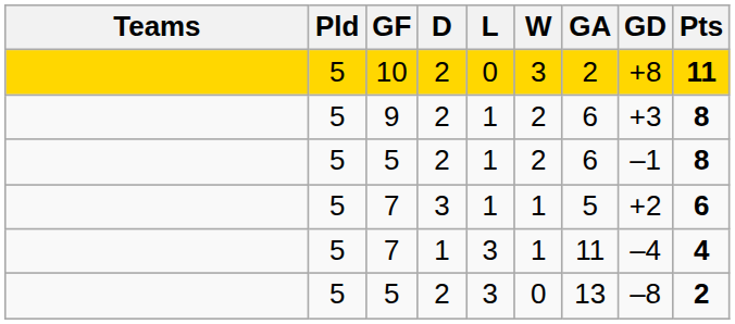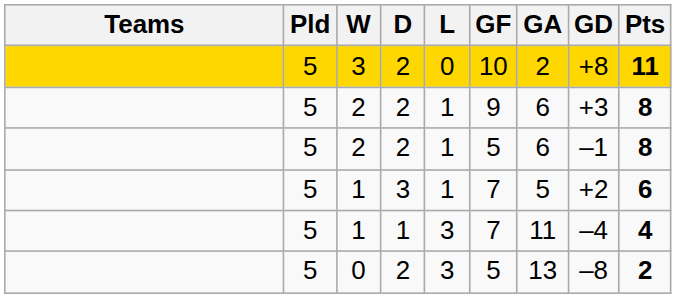 <table class="wikitable" style="text-align: center;">
 <tr>
 <th width=165>Teams</th>
 <th width=20>Pld</th>
-<th width=20>GF</th>
+<th width=20>W</th>
 <th width=20>D</th>
 <th width=20>L</th>
-<th width=20>W</th>
+<th width=20>GF</th>
 <th width=20>GA</th>
 <th width=20>GD</th>
 <th width=20>Pts</th>
 </tr>
 <tr align=center style="background:gold">
 <td style="text-align:left;"></td>
 <td>5</td>
-<td>10</td>
+<td>3</td>
 <td>2</td>
 <td>0</td>
-<td>3</td>
+<td>10</td>
 <td>2</td>
 <td>+8</td>
 <td><strong>11</strong></td>
 </tr>
 <tr align=center>
 <td style="text-align:left;"></td>
 <td>5</td>
-<td>9</td>
+<td>2</td>
 <td>2</td>
 <td>1</td>
-<td>2</td>
+<td>9</td>
 <td>6</td>
 <td>+3</td>
 <td><strong>8</strong></td>
 </tr>
 <tr align=center>
 <td style="text-align:left;"></td>
 <td>5</td>
-<td>5</td>
+<td>2</td>
 <td>2</td>
 <td>1</td>
-<td>2</td>
+<td>5</td>
 <td>6</td>
 <td>–1</td>
 <td><strong>8</strong></td>
 </tr>
 <tr align=center>
 <td style="text-align:left;"></td>
 <td>5</td>
-<td>7</td>
+<td>1</td>
 <td>3</td>
 <td>1</td>
-<td>1</td>
+<td>7</td>
 <td>5</td>
 <td>+2</td>
 <td><strong>6</strong></td>
 </tr>
 <tr align=center>
 <td style="text-align:left;"></td>
 <td>5</td>
-<td>7</td>
+<td>1</td>
 <td>1</td>
 <td>3</td>
-<td>1</td>
+<td>7</td>
 <td>11</td>
 <td>–4</td>
 <td><strong>4</strong></td>
 </tr>
 <tr align=center>
 <td style="text-align:left;"></td>
 <td>5</td>
-<td>5</td>
+<td>0</td>
 <td>2</td>
 <td>3</td>
-<td>0</td>
+<td>5</td>
 <td>13</td>
 <td>–8</td>
 <td><strong>2</strong></td>
 </tr>
 </table>
